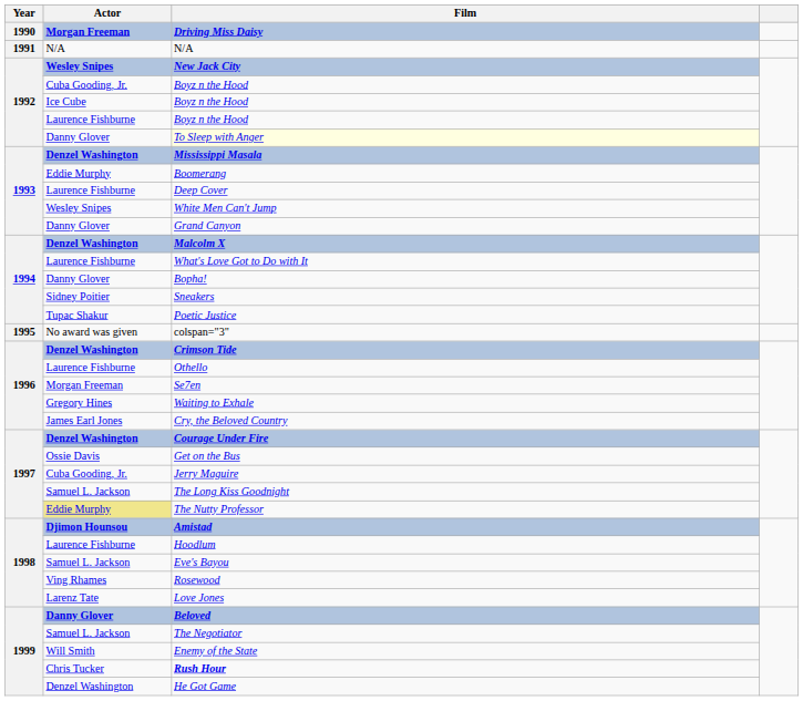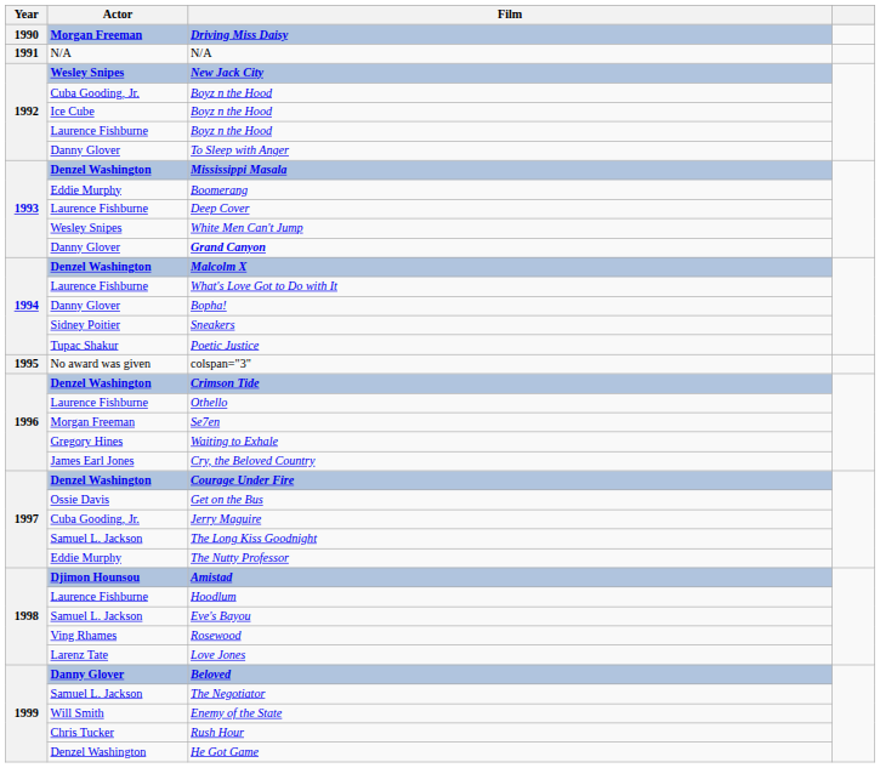 <table class="wikitable" style="width:90%;">
 <tr style="background:#bebebe;">
 <th scope="col" style="width:3em;">Year</th>
 <th scope="col" style="width:11em;">Actor</th>
 <th scope="col">Film</th>
 <th scope="col" style="width:3em;"></th>
 </tr>
 <tr>
 <th scope="row">1990</th>
 <td style="background:#B0C4DE; font-weight:bold;"><a href='#'>Morgan Freeman</a></td>
 <td style="background:#B0C4DE; font-weight:bold;"><em><a href='#'>Driving Miss Daisy</a></em></td>
 <td style="text-align:center;"></td>
 </tr>
 <tr>
 <th scope="row">1991</th>
 <td>N/A</td>
 <td>N/A</td>
 <td></td>
 </tr>
 <tr>
 <th scope="row" rowspan="5" style="text-align:center;">1992</th>
 <td style="background:#B0C4DE; font-weight:bold;"><a href='#'>Wesley Snipes</a></td>
 <td style="background:#B0C4DE; font-weight:bold;"><em><a href='#'>New Jack City</a></em></td>
 <td rowspan="5" align="center"></td>
 </tr>
 <tr>
 <td><a href='#'>Cuba Gooding, Jr.</a></td>
 <td><em><a href='#'>Boyz n the Hood</a></em></td>
 </tr>
 <tr>
 <td><a href='#'>Ice Cube</a></td>
 <td><em><a href='#'>Boyz n the Hood</a></em></td>
 </tr>
 <tr>
 <td><a href='#'>Laurence Fishburne</a></td>
 <td><em><a href='#'>Boyz n the Hood</a></em></td>
 </tr>
 <tr>
 <td><a href='#'>Danny Glover</a></td>
-<td style="background: lightyellow;"><em><a href='#'>To Sleep with Anger</a></em></td>
+<td><em><a href='#'>To Sleep with Anger</a></em></td>
 </tr>
 <tr>
 <th scope="row" rowspan="5" style="text-align:center;"><a href='#'>1993</a></th>
 <td style="background:#B0C4DE; font-weight:bold;"><a href='#'>Denzel Washington</a></td>
 <td style="background:#B0C4DE; font-weight:bold;"><em><a href='#'>Mississippi Masala</a></em></td>
 <td rowspan="5" align="center"></td>
 </tr>
 <tr>
 <td><a href='#'>Eddie Murphy</a></td>
 <td><em><a href='#'>Boomerang</a></em></td>
 </tr>
 <tr>
 <td><a href='#'>Laurence Fishburne</a></td>
 <td><em><a href='#'>Deep Cover</a></em></td>
 </tr>
 <tr>
 <td><a href='#'>Wesley Snipes</a></td>
 <td><em><a href='#'>White Men Can't Jump</a></em></td>
 </tr>
 <tr>
 <td><a href='#'>Danny Glover</a></td>
-<td><em><a href='#'>Grand Canyon</a></em></td>
+<td><strong><em><a href='#'>Grand Canyon</a></em></strong></td>
 </tr>
 <tr>
 <th scope="row" rowspan="5" style="text-align:center;"><a href='#'>1994</a></th>
 <td style="background:#B0C4DE; font-weight:bold;"><a href='#'>Denzel Washington</a></td>
 <td style="background:#B0C4DE; font-weight:bold;"><em><a href='#'>Malcolm X</a></em></td>
 <td rowspan="5" align="center"></td>
 </tr>
 <tr>
 <td><a href='#'>Laurence Fishburne</a></td>
 <td><em><a href='#'>What's Love Got to Do with It</a></em></td>
 </tr>
 <tr>
 <td><a href='#'>Danny Glover</a></td>
 <td><em><a href='#'>Bopha!</a></em></td>
 </tr>
 <tr>
 <td><a href='#'>Sidney Poitier</a></td>
 <td><em><a href='#'>Sneakers</a></em></td>
 </tr>
 <tr>
 <td><a href='#'>Tupac Shakur</a></td>
 <td><em><a href='#'>Poetic Justice</a></em></td>
 </tr>
 <tr>
 <th scope="row">1995</th>
 <td>No award was given</td>
 <td>colspan="3" </td>
 </tr>
 <tr>
 <th scope="row" rowspan="5" style="text-align:center;">1996</th>
 <td style="background:#B0C4DE; font-weight:bold;"><a href='#'>Denzel Washington</a></td>
 <td style="background:#B0C4DE; font-weight:bold;"><em><a href='#'>Crimson Tide</a></em></td>
 <td rowspan="5" style="text-align:center;"></td>
 </tr>
 <tr>
 <td><a href='#'>Laurence Fishburne</a></td>
 <td><em><a href='#'>Othello</a></em></td>
 </tr>
 <tr>
 <td><a href='#'>Morgan Freeman</a></td>
 <td><em><a href='#'>Se7en</a></em></td>
 </tr>
 <tr>
 <td><a href='#'>Gregory Hines</a></td>
 <td><em><a href='#'>Waiting to Exhale</a></em></td>
 </tr>
 <tr>
 <td><a href='#'>James Earl Jones</a></td>
 <td><em><a href='#'>Cry, the Beloved Country</a></em></td>
 </tr>
 <tr>
 <th scope="row" rowspan="5" style="text-align:center;">1997</th>
 <td style="background:#B0C4DE; font-weight:bold;"><a href='#'>Denzel Washington</a></td>
 <td style="background:#B0C4DE; font-weight:bold;"><em><a href='#'>Courage Under Fire</a></em></td>
 <td rowspan="5" style="text-align:center;"></td>
 </tr>
 <tr>
 <td><a href='#'>Ossie Davis</a></td>
 <td><em><a href='#'>Get on the Bus</a></em></td>
 </tr>
 <tr>
 <td><a href='#'>Cuba Gooding, Jr.</a></td>
 <td><em><a href='#'>Jerry Maguire</a></em></td>
 </tr>
 <tr>
 <td><a href='#'>Samuel L. Jackson</a></td>
 <td><em><a href='#'>The Long Kiss Goodnight</a></em></td>
 </tr>
 <tr>
-<td style="background: khaki;"><a href='#'>Eddie Murphy</a></td>
+<td><a href='#'>Eddie Murphy</a></td>
 <td><em><a href='#'>The Nutty Professor</a></em></td>
 </tr>
 <tr>
 <th scope="row" rowspan="5" style="text-align:center;">1998</th>
 <td style="background:#B0C4DE; font-weight:bold;"><a href='#'>Djimon Hounsou</a></td>
 <td style="background:#B0C4DE; font-weight:bold;"><em><a href='#'>Amistad</a></em></td>
 <td rowspan="5" style="text-align:center;"></td>
 </tr>
 <tr>
 <td><a href='#'>Laurence Fishburne</a></td>
 <td><em><a href='#'>Hoodlum</a></em></td>
 </tr>
 <tr>
 <td><a href='#'>Samuel L. Jackson</a></td>
 <td><em><a href='#'>Eve's Bayou</a></em></td>
 </tr>
 <tr>
 <td><a href='#'>Ving Rhames</a></td>
 <td><em><a href='#'>Rosewood</a></em></td>
 </tr>
 <tr>
 <td><a href='#'>Larenz Tate</a></td>
 <td><em><a href='#'>Love Jones</a></em></td>
 </tr>
 <tr>
 <th scope="row" rowspan="5" style="text-align:center;">1999</th>
 <td style="background:#B0C4DE; font-weight:bold;"><a href='#'>Danny Glover</a></td>
 <td style="background:#B0C4DE; font-weight:bold;"><em><a href='#'>Beloved</a></em></td>
 <td rowspan="5" style="text-align:center;"></td>
 </tr>
 <tr>
 <td><a href='#'>Samuel L. Jackson</a></td>
 <td><em><a href='#'>The Negotiator</a></em></td>
 </tr>
 <tr>
 <td><a href='#'>Will Smith</a></td>
 <td><em><a href='#'>Enemy of the State</a></em></td>
 </tr>
 <tr>
 <td><a href='#'>Chris Tucker</a></td>
-<td><strong><em><a href='#'>Rush Hour</a></em></strong></td>
+<td><em><a href='#'>Rush Hour</a></em></td>
 </tr>
 <tr>
 <td><a href='#'>Denzel Washington</a></td>
 <td><em><a href='#'>He Got Game</a></em></td>
 </tr>
 </table>
